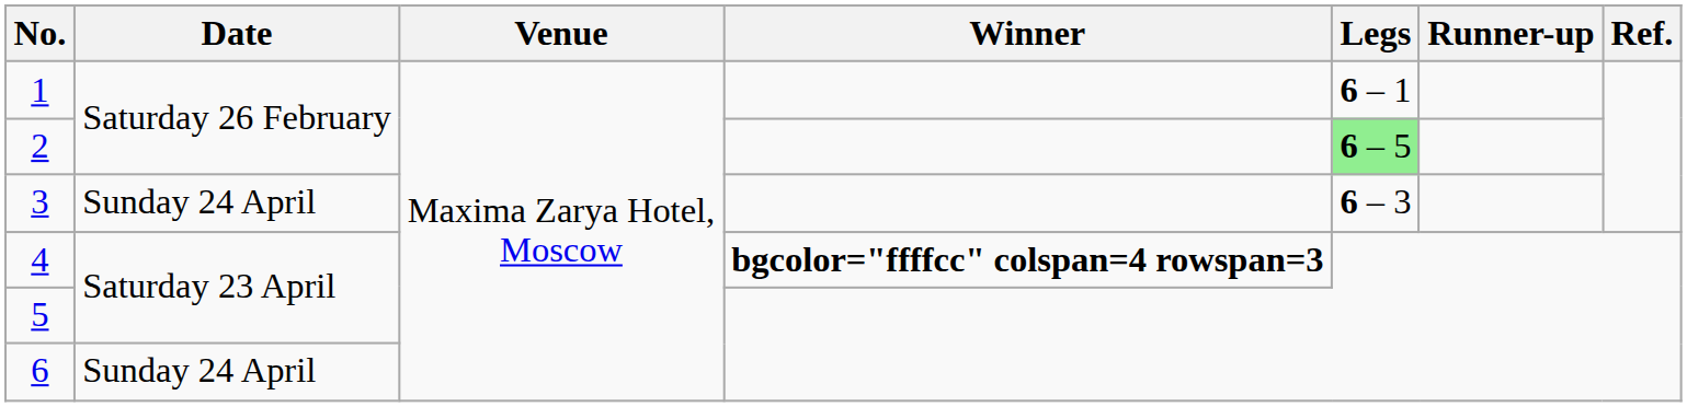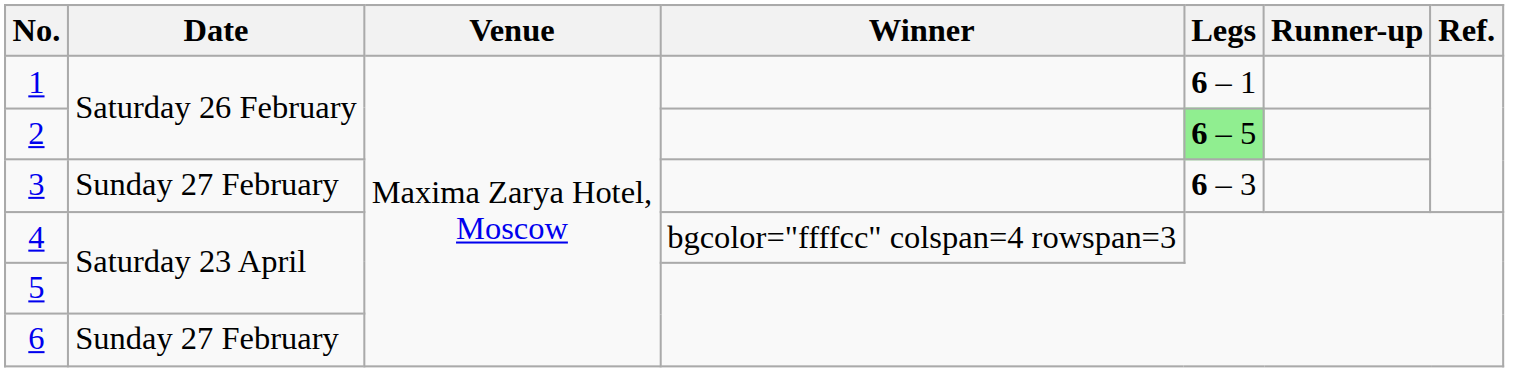 <table class="wikitable">
 <tr>
 <th>No.</th>
 <th>Date</th>
 <th>Venue</th>
 <th>Winner</th>
 <th>Legs</th>
 <th>Runner-up</th>
 <th>Ref.</th>
 </tr>
 <tr>
 <td align=center><a href='#'>1</a></td>
 <td rowspan=2>Saturday 26 February</td>
 <td align="center" rowspan=6>Maxima Zarya Hotel,<br>  <a href='#'>Moscow</a></td>
 <td align="right"></td>
 <td align="center"><strong>6</strong> – 1</td>
 <td></td>
 <td rowspan=3 align="center"></td>
 </tr>
 <tr>
 <td align=center><a href='#'>2</a></td>
 <td align="right"></td>
 <td align="center" style="background: lightgreen;"><strong>6</strong> – 5</td>
 <td></td>
 </tr>
 <tr>
 <td align=center><a href='#'>3</a></td>
-<td>Sunday 24 April</td>
+<td>Sunday 27 February</td>
 <td align="right"></td>
 <td align="center"><strong>6</strong> – 3</td>
 <td></td>
 </tr>
 <tr>
 <td align=center><a href='#'>4</a></td>
 <td rowspan=2>Saturday 23 April</td>
-<td><strong>bgcolor="ffffcc" colspan=4 rowspan=3 </strong></td>
+<td>bgcolor="ffffcc" colspan=4 rowspan=3 </td>
 </tr>
 <tr>
 <td align=center><a href='#'>5</a></td>
 </tr>
 <tr>
 <td align=center><a href='#'>6</a></td>
-<td>Sunday 24 April</td>
+<td>Sunday 27 February</td>
 </tr>
 </table>
